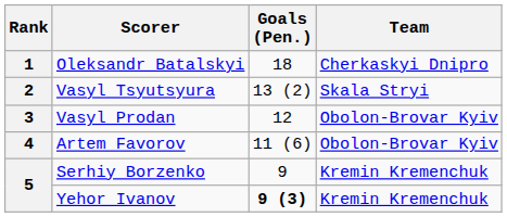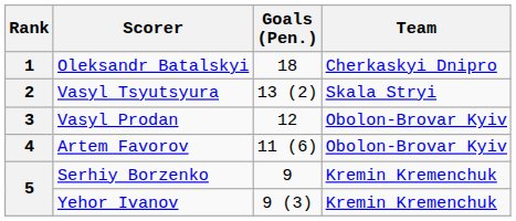 <table class="wikitable">
 <tr>
 <th>Rank</th>
 <th>Scorer</th>
 <th>Goals<br>(Pen.)</th>
 <th>Team</th>
 </tr>
 <tr>
 <th>1</th>
 <td> <a href='#'>Oleksandr Batalskyi</a></td>
 <td align=center>18</td>
 <td><a href='#'>Cherkaskyi Dnipro</a></td>
 </tr>
 <tr>
 <th>2</th>
 <td> <a href='#'>Vasyl Tsyutsyura</a></td>
 <td align=center>13 (2)</td>
 <td><a href='#'>Skala Stryi</a></td>
 </tr>
 <tr>
 <th>3</th>
 <td> <a href='#'>Vasyl Prodan</a></td>
 <td align=center>12</td>
 <td><a href='#'>Obolon-Brovar Kyiv</a></td>
 </tr>
 <tr>
 <th>4</th>
 <td> <a href='#'>Artem Favorov</a></td>
 <td align=center>11 (6)</td>
 <td><a href='#'>Obolon-Brovar Kyiv</a></td>
 </tr>
 <tr>
 <th rowspan=2>5</th>
 <td> <a href='#'>Serhiy Borzenko</a></td>
 <td align=center>9</td>
 <td><a href='#'>Kremin Kremenchuk</a></td>
 </tr>
 <tr>
 <td> <a href='#'>Yehor Ivanov</a></td>
-<td align=center><strong>9 (3)</strong></td>
+<td align=center>9 (3)</td>
 <td><a href='#'>Kremin Kremenchuk</a></td>
 </tr>
 </table>
